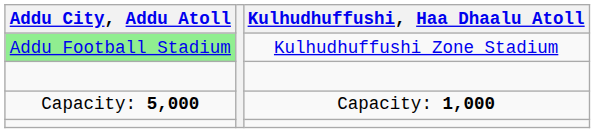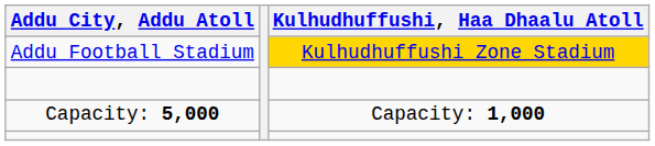 <table class="wikitable" style="margin:1em auto; text-align:center;">
 <tr>
 <th><a href='#'>Addu City</a>, <a href='#'>Addu Atoll</a></th>
 <th rowspan=10 colspan=2></th>
 <th><a href='#'>Kulhudhuffushi</a>, <a href='#'>Haa Dhaalu Atoll</a></th>
 </tr>
 <tr>
-<td style="background: lightgreen;"><a href='#'>Addu Football Stadium</a></td>
-<td><a href='#'>Kulhudhuffushi Zone Stadium</a></td>
+<td><a href='#'>Addu Football Stadium</a></td>
+<td style="background: gold;"><a href='#'>Kulhudhuffushi Zone Stadium</a></td>
 </tr>
 <tr>
 <td><br><small></small></td>
 <td><br><small></small></td>
 </tr>
 <tr>
 <td>Capacity: <strong>5,000</strong></td>
 <td>Capacity: <strong>1,000</strong></td>
 </tr>
 <tr>
 <td></td>
 <td></td>
 </tr>
 </table>
